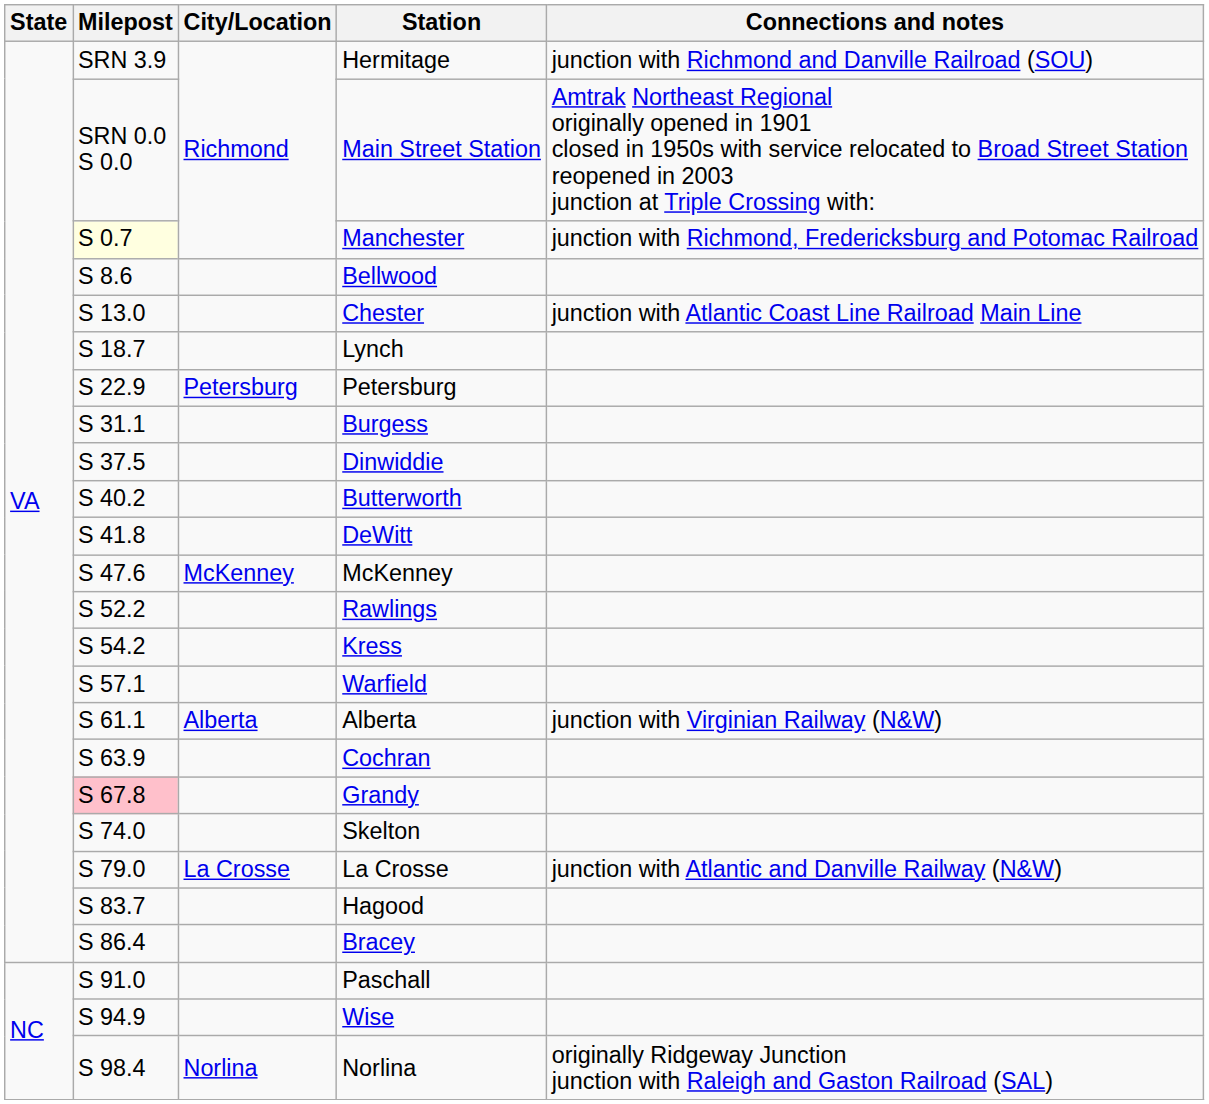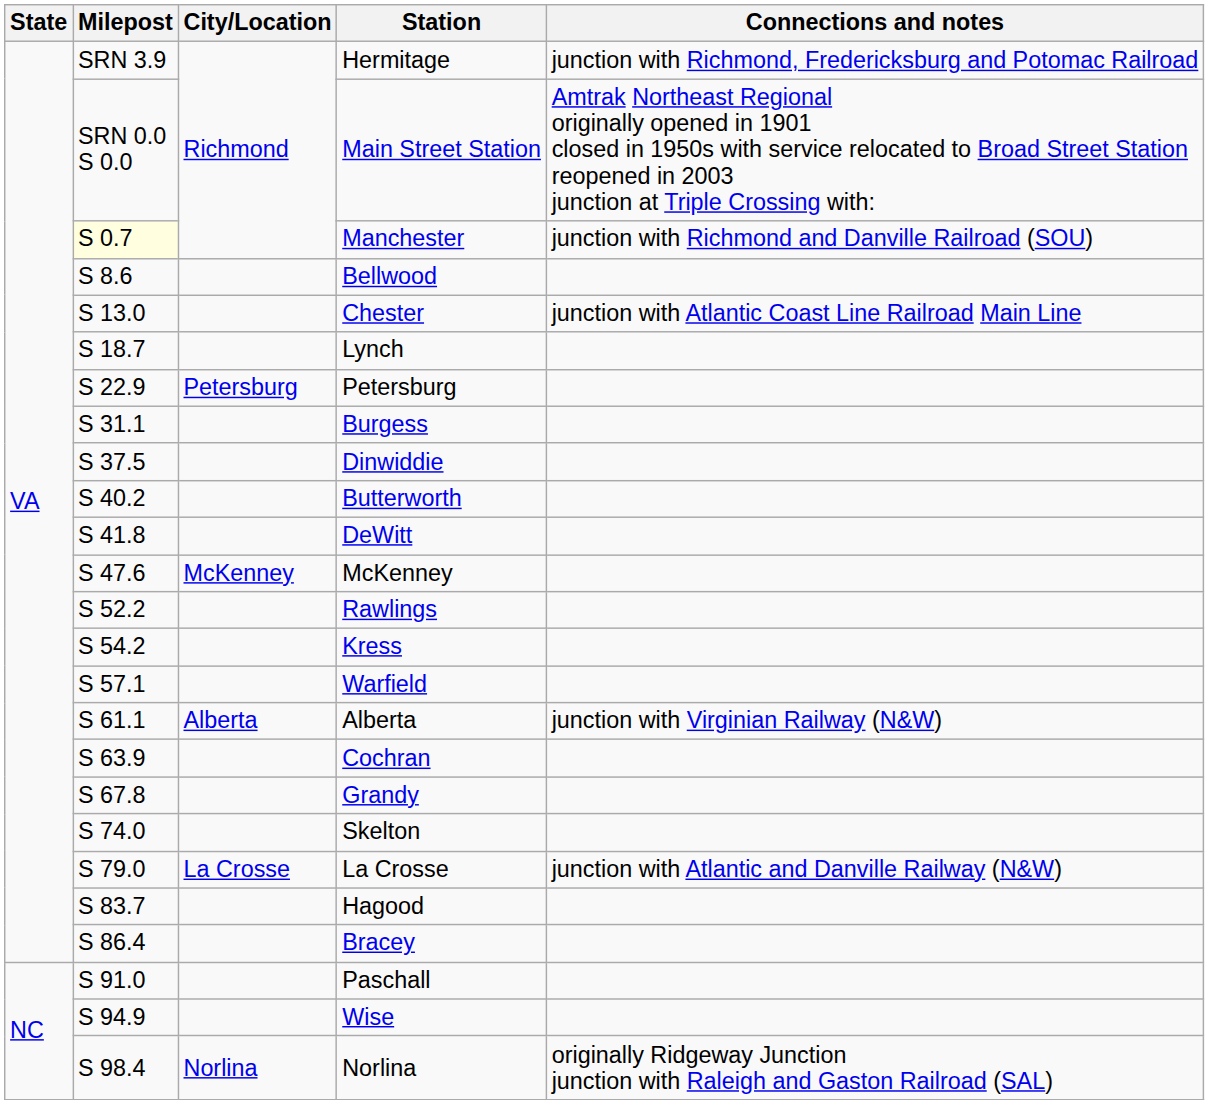 <table class="wikitable">
 <tr>
 <th>State</th>
 <th>Milepost</th>
 <th>City/Location</th>
 <th>Station</th>
 <th>Connections and notes</th>
 </tr>
 <tr>
 <td ! rowspan="22"><a href='#'>VA</a></td>
 <td>SRN 3.9</td>
 <td ! rowspan="3"><a href='#'>Richmond</a></td>
 <td>Hermitage</td>
-<td>junction with <a href='#'>Richmond and Danville Railroad</a> (<a href='#'>SOU</a>)</td>
+<td>junction with <a href='#'>Richmond, Fredericksburg and Potomac Railroad</a></td>
 </tr>
 <tr>
 <td>SRN 0.0<br>S 0.0</td>
 <td><a href='#'>Main Street Station</a></td>
 <td><a href='#'>Amtrak</a> <a href='#'>Northeast Regional</a><br>originally opened in 1901<br>closed in 1950s with service relocated to <a href='#'>Broad Street Station</a><br>reopened in 2003<br>junction at <a href='#'>Triple Crossing</a> with:</td>
 </tr>
 <tr>
 <td style="background: lightyellow;">S 0.7</td>
 <td><a href='#'>Manchester</a></td>
-<td>junction with <a href='#'>Richmond, Fredericksburg and Potomac Railroad</a></td>
+<td>junction with <a href='#'>Richmond and Danville Railroad</a> (<a href='#'>SOU</a>)</td>
 </tr>
 <tr>
 <td>S 8.6</td>
 <td></td>
 <td><a href='#'>Bellwood</a></td>
 <td></td>
 </tr>
 <tr>
 <td>S 13.0</td>
 <td></td>
 <td><a href='#'>Chester</a></td>
 <td>junction with <a href='#'>Atlantic Coast Line Railroad</a> <a href='#'>Main Line</a></td>
 </tr>
 <tr>
 <td>S 18.7</td>
 <td></td>
 <td>Lynch</td>
 <td></td>
 </tr>
 <tr>
 <td>S 22.9</td>
 <td><a href='#'>Petersburg</a></td>
 <td>Petersburg</td>
 <td></td>
 </tr>
 <tr>
 <td>S 31.1</td>
 <td></td>
 <td><a href='#'>Burgess</a></td>
 <td></td>
 </tr>
 <tr>
 <td>S 37.5</td>
 <td></td>
 <td><a href='#'>Dinwiddie</a></td>
 <td></td>
 </tr>
 <tr>
 <td>S 40.2</td>
 <td></td>
 <td><a href='#'>Butterworth</a></td>
 <td></td>
 </tr>
 <tr>
 <td>S 41.8</td>
 <td></td>
 <td><a href='#'>DeWitt</a></td>
 <td></td>
 </tr>
 <tr>
 <td>S 47.6</td>
 <td><a href='#'>McKenney</a></td>
 <td>McKenney</td>
 <td></td>
 </tr>
 <tr>
 <td>S 52.2</td>
 <td></td>
 <td><a href='#'>Rawlings</a></td>
 <td></td>
 </tr>
 <tr>
 <td>S 54.2</td>
 <td></td>
 <td><a href='#'>Kress</a></td>
 <td></td>
 </tr>
 <tr>
 <td>S 57.1</td>
 <td></td>
 <td><a href='#'>Warfield</a></td>
 <td></td>
 </tr>
 <tr>
 <td>S 61.1</td>
 <td><a href='#'>Alberta</a></td>
 <td>Alberta</td>
 <td>junction with <a href='#'>Virginian Railway</a> (<a href='#'>N&W</a>)</td>
 </tr>
 <tr>
 <td>S 63.9</td>
 <td></td>
 <td><a href='#'>Cochran</a></td>
 <td></td>
 </tr>
 <tr>
-<td style="background: pink;">S 67.8</td>
+<td>S 67.8</td>
 <td></td>
 <td><a href='#'>Grandy</a></td>
 <td></td>
 </tr>
 <tr>
 <td>S 74.0</td>
 <td></td>
 <td>Skelton</td>
 <td></td>
 </tr>
 <tr>
 <td>S 79.0</td>
 <td><a href='#'>La Crosse</a></td>
 <td>La Crosse</td>
 <td>junction with <a href='#'>Atlantic and Danville Railway</a> (<a href='#'>N&W</a>)</td>
 </tr>
 <tr>
 <td>S 83.7</td>
 <td></td>
 <td>Hagood</td>
 <td></td>
 </tr>
 <tr>
 <td>S 86.4</td>
 <td></td>
 <td><a href='#'>Bracey</a></td>
 <td></td>
 </tr>
 <tr>
 <td ! rowspan="3"><a href='#'>NC</a></td>
 <td>S 91.0</td>
 <td></td>
 <td>Paschall</td>
 <td></td>
 </tr>
 <tr>
 <td>S 94.9</td>
 <td></td>
 <td><a href='#'>Wise</a></td>
 <td></td>
 </tr>
 <tr>
 <td>S 98.4</td>
 <td><a href='#'>Norlina</a></td>
 <td>Norlina</td>
 <td>originally Ridgeway Junction<br>junction with <a href='#'>Raleigh and Gaston Railroad</a> (<a href='#'>SAL</a>)</td>
 </tr>
 <tr>
 </tr>
 </table>
